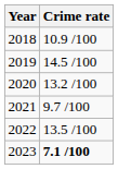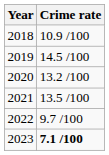 <table class="wikitable">
 <tr>
 <th>Year</th>
 <th>Crime rate</th>
 </tr>
 <tr>
 <td>2018</td>
 <td>10.9 /100</td>
 </tr>
 <tr>
 <td>2019</td>
 <td>14.5 /100</td>
 </tr>
 <tr>
 <td>2020</td>
 <td>13.2 /100</td>
 </tr>
 <tr>
 <td>2021</td>
-<td>9.7 /100</td>
+<td>13.5 /100</td>
 </tr>
 <tr>
 <td>2022</td>
-<td>13.5 /100</td>
+<td>9.7 /100</td>
 </tr>
 <tr>
 <td>2023</td>
 <td><strong>7.1 /100</strong></td>
 </tr>
 </table>
